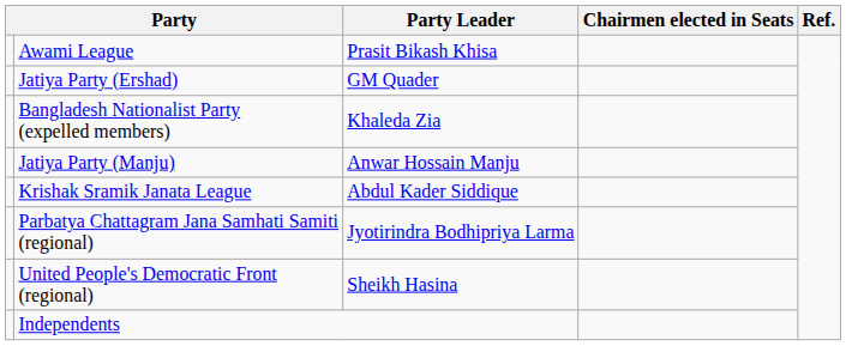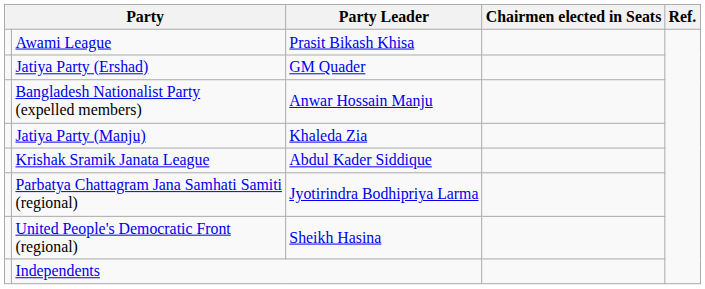 <table class="wikitable">
 <tr>
 <th colspan="2">Party</th>
 <th>Party Leader</th>
 <th>Chairmen elected in Seats</th>
 <th>Ref.</th>
 </tr>
 <tr>
 <td></td>
 <td><a href='#'>Awami League</a></td>
 <td><a href='#'>Prasit Bikash Khisa</a></td>
 <td></td>
 <td rowspan="8"></td>
 </tr>
 <tr>
 <td></td>
 <td><a href='#'>Jatiya Party (Ershad)</a></td>
 <td><a href='#'>GM Quader</a></td>
 <td></td>
 </tr>
 <tr>
 <td></td>
 <td><a href='#'>Bangladesh Nationalist Party</a><br>(expelled members)</td>
-<td><a href='#'>Khaleda Zia</a></td>
+<td><a href='#'>Anwar Hossain Manju</a></td>
 <td></td>
 </tr>
 <tr>
 <td></td>
 <td><a href='#'>Jatiya Party (Manju)</a></td>
-<td><a href='#'>Anwar Hossain Manju</a></td>
+<td><a href='#'>Khaleda Zia</a></td>
 <td></td>
 </tr>
 <tr>
 <td></td>
 <td><a href='#'>Krishak Sramik Janata League</a></td>
 <td><a href='#'>Abdul Kader Siddique</a></td>
 <td></td>
 </tr>
 <tr>
 <td></td>
 <td><a href='#'>Parbatya Chattagram Jana Samhati Samiti</a><br>(regional)</td>
 <td><a href='#'>Jyotirindra Bodhipriya Larma</a></td>
 <td></td>
 </tr>
 <tr>
 <td></td>
 <td><a href='#'>United People's Democratic Front</a><br>(regional)</td>
 <td><a href='#'>Sheikh Hasina</a></td>
 <td></td>
 </tr>
 <tr>
 <td></td>
 <td colspan="2"><a href='#'>Independents</a></td>
 <td></td>
 </tr>
 </table>
